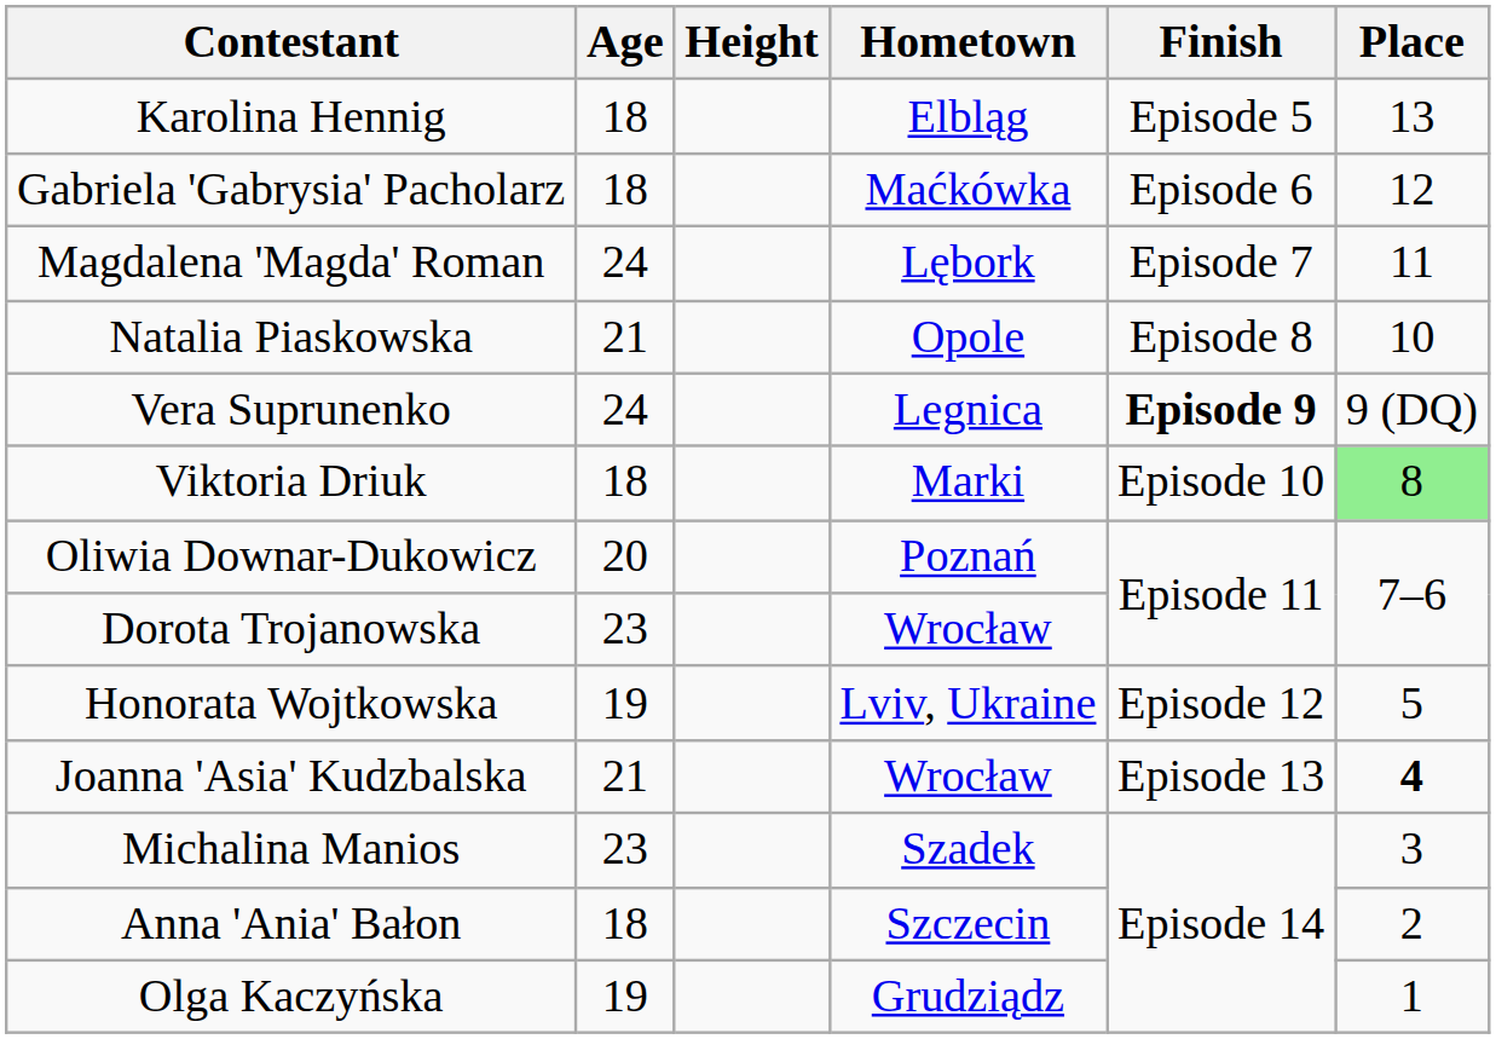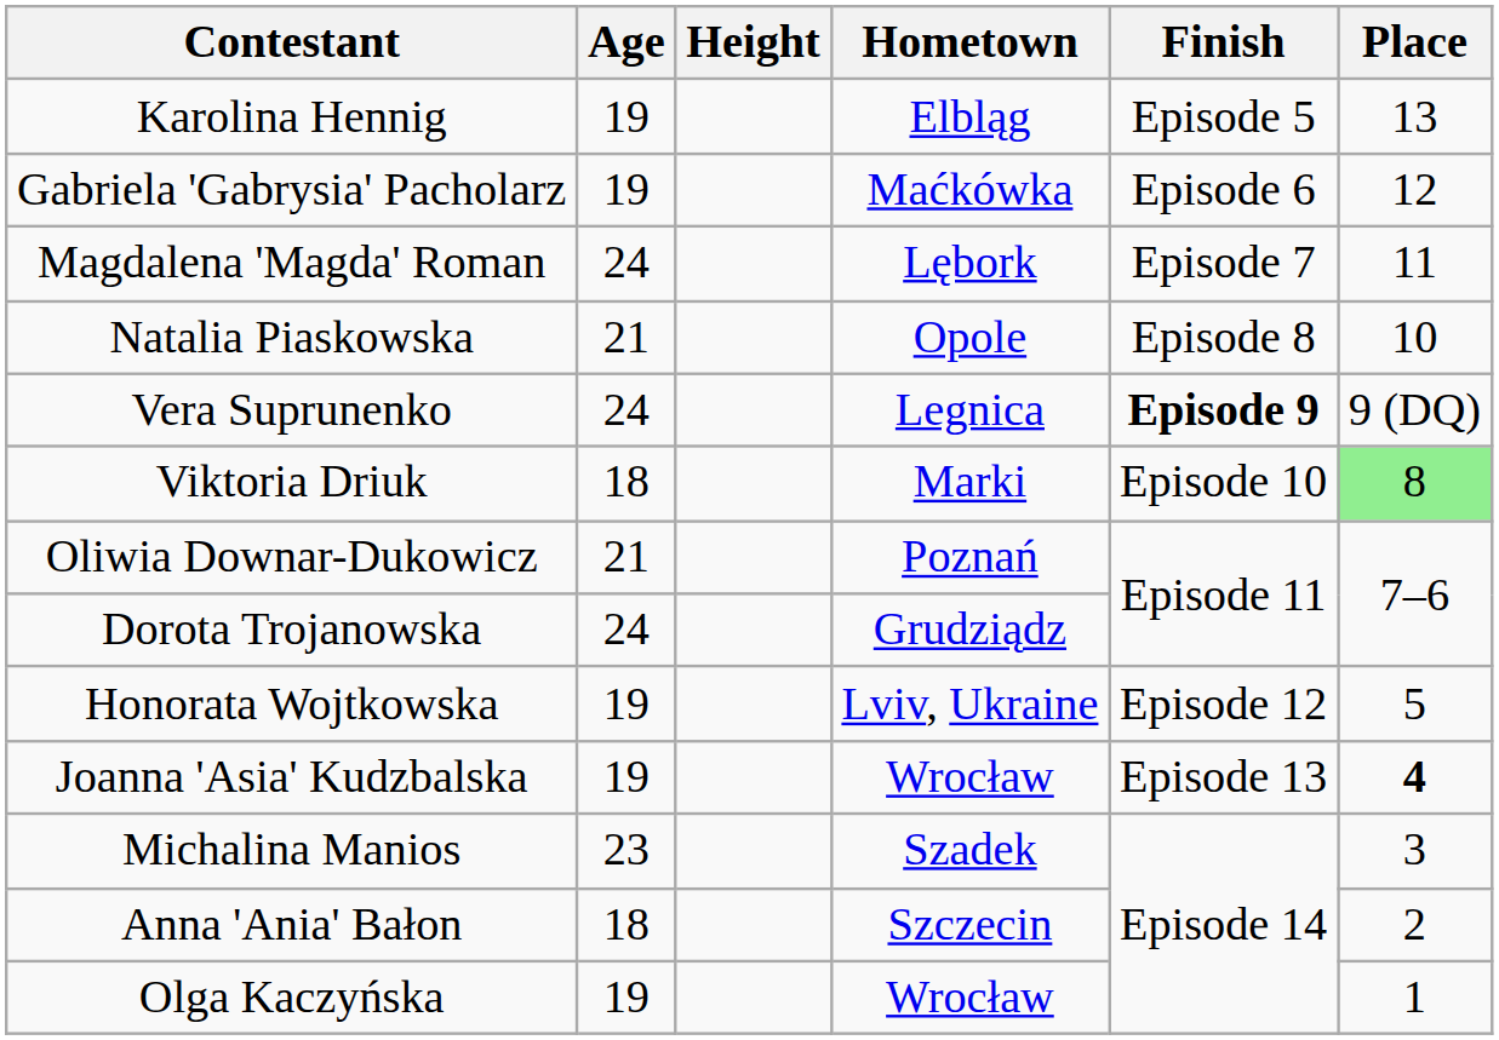 <table class="wikitable sortable" style="text-align:center;">
 <tr>
 <th>Contestant</th>
 <th>Age</th>
 <th>Height</th>
 <th>Hometown</th>
 <th>Finish</th>
 <th>Place</th>
 </tr>
 <tr>
 <td>Karolina Hennig</td>
-<td>18</td>
+<td>19</td>
 <td></td>
 <td><a href='#'>Elbląg</a></td>
 <td>Episode 5</td>
 <td>13</td>
 </tr>
 <tr>
 <td>Gabriela 'Gabrysia' Pacholarz</td>
-<td>18</td>
+<td>19</td>
 <td></td>
 <td><a href='#'>Maćkówka</a></td>
 <td>Episode 6</td>
 <td>12</td>
 </tr>
 <tr>
 <td>Magdalena 'Magda' Roman</td>
 <td>24</td>
 <td></td>
 <td><a href='#'>Lębork</a></td>
 <td>Episode 7</td>
 <td>11</td>
 </tr>
 <tr>
 <td>Natalia Piaskowska</td>
 <td>21</td>
 <td></td>
 <td><a href='#'>Opole</a></td>
 <td>Episode 8</td>
 <td>10</td>
 </tr>
 <tr>
 <td>Vera Suprunenko</td>
 <td>24</td>
 <td></td>
 <td><a href='#'>Legnica</a></td>
 <td><strong>Episode 9</strong></td>
 <td>9 (DQ)</td>
 </tr>
 <tr>
 <td>Viktoria Driuk</td>
 <td>18</td>
 <td></td>
 <td><a href='#'>Marki</a></td>
 <td>Episode 10</td>
 <td style="background: lightgreen;">8</td>
 </tr>
 <tr>
 <td>Oliwia Downar-Dukowicz</td>
-<td>20</td>
+<td>21</td>
 <td></td>
 <td><a href='#'>Poznań</a></td>
 <td rowspan="2">Episode 11</td>
 <td rowspan="2">7–6</td>
 </tr>
 <tr>
 <td>Dorota Trojanowska</td>
-<td>23</td>
+<td>24</td>
 <td></td>
-<td><a href='#'>Wrocław</a></td>
+<td><a href='#'>Grudziądz</a></td>
 </tr>
 <tr>
 <td>Honorata Wojtkowska</td>
 <td>19</td>
 <td></td>
 <td><a href='#'>Lviv</a>, <a href='#'>Ukraine</a></td>
 <td>Episode 12</td>
 <td>5</td>
 </tr>
 <tr>
 <td>Joanna 'Asia' Kudzbalska</td>
-<td>21</td>
+<td>19</td>
 <td></td>
 <td><a href='#'>Wrocław</a></td>
 <td>Episode 13</td>
 <td><strong>4</strong></td>
 </tr>
 <tr>
 <td>Michalina Manios</td>
 <td>23</td>
 <td></td>
 <td><a href='#'>Szadek</a></td>
 <td rowspan="3">Episode 14</td>
 <td>3</td>
 </tr>
 <tr>
 <td>Anna 'Ania' Bałon</td>
 <td>18</td>
 <td></td>
 <td><a href='#'>Szczecin</a></td>
 <td>2</td>
 </tr>
 <tr>
 <td>Olga Kaczyńska</td>
 <td>19</td>
 <td></td>
-<td><a href='#'>Grudziądz</a></td>
+<td><a href='#'>Wrocław</a></td>
 <td>1</td>
 </tr>
 </table>
